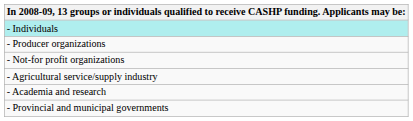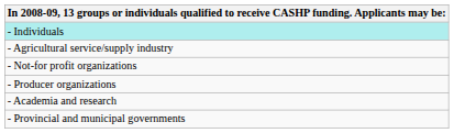 <table class="wikitable" border="1">
 <tr>
 <th>In 2008-09, 13 groups or individuals qualified to receive CASHP funding. Applicants may be:</th>
 </tr>
 <tr>
 <td style="background: paleturquoise;">- Individuals</td>
 </tr>
 <tr>
-<td>- Producer organizations</td>
+<td>- Agricultural service/supply industry</td>
 </tr>
 <tr>
 <td>- Not-for profit organizations</td>
 </tr>
 <tr>
-<td>- Agricultural service/supply industry</td>
+<td>- Producer organizations</td>
 </tr>
 <tr>
 <td>- Academia and research</td>
 </tr>
 <tr>
 <td>- Provincial and municipal governments</td>
 </tr>
 </table>
